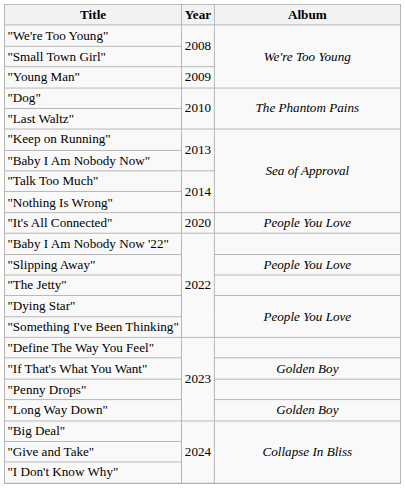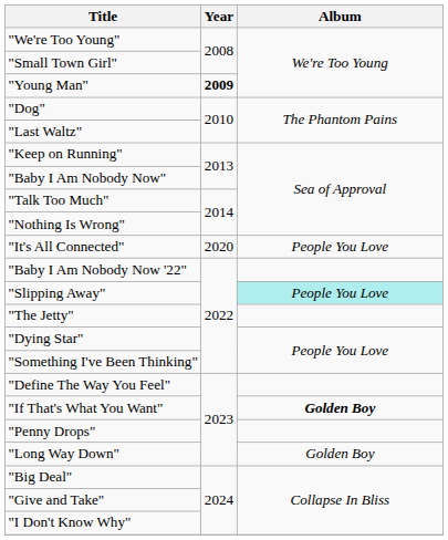 <table class="wikitable" style="text-align:center;">
 <tr>
 <th scope="col">Title</th>
 <th scope="col">Year</th>
 <th scope="col" width="220">Album</th>
 </tr>
 <tr>
 <td align="left">"We're Too Young"</td>
 <td rowspan="2">2008</td>
 <td rowspan="3"><em>We're Too Young</em></td>
 </tr>
 <tr>
 <td align="left">"Small Town Girl"</td>
 </tr>
 <tr>
 <td align="left">"Young Man"</td>
-<td>2009</td>
+<td><strong>2009</strong></td>
 </tr>
 <tr>
 <td align="left">"Dog" </td>
 <td rowspan="2">2010</td>
 <td rowspan="2"><em>The Phantom Pains</em></td>
 </tr>
 <tr>
 <td align="left">"Last Waltz" </td>
 </tr>
 <tr>
 <td align="left">"Keep on Running"</td>
 <td rowspan="2">2013</td>
 <td rowspan="4"><em>Sea of Approval</em></td>
 </tr>
 <tr>
 <td align="left">"Baby I Am Nobody Now"</td>
 </tr>
 <tr>
 <td align="left">"Talk Too Much"</td>
 <td rowspan="2">2014</td>
 </tr>
 <tr>
 <td align="left">"Nothing Is Wrong"</td>
 </tr>
 <tr>
 <td align="left">"It's All Connected"</td>
 <td>2020</td>
 <td><em>People You Love</em></td>
 </tr>
 <tr>
 <td align="left">"Baby I Am Nobody Now '22"</td>
 <td rowspan="5">2022</td>
 <td></td>
 </tr>
 <tr>
 <td align="left">"Slipping Away"</td>
-<td><em>People You Love</em></td>
+<td style="background: paleturquoise;"><em>People You Love</em></td>
 </tr>
 <tr>
 <td align="left">"The Jetty"</td>
 <td></td>
 </tr>
 <tr>
 <td align="left">"Dying Star"</td>
 <td rowspan="2"><em>People You Love</em></td>
 </tr>
 <tr>
 <td align="left">"Something I've Been Thinking"</td>
 </tr>
 <tr>
 <td align="left">"Define The Way You Feel"</td>
 <td rowspan="4">2023</td>
 <td></td>
 </tr>
 <tr>
 <td align="left">"If That's What You Want"</td>
-<td><em>Golden Boy</em></td>
+<td><strong><em>Golden Boy</em></strong></td>
 </tr>
 <tr>
 <td align="left">"Penny Drops"</td>
 <td></td>
 </tr>
 <tr>
 <td align="left">"Long Way Down"</td>
 <td><em>Golden Boy</em></td>
 </tr>
 <tr>
 <td align="left">"Big Deal"</td>
 <td rowspan="3">2024</td>
 <td rowspan="3"><em>Collapse In Bliss</em></td>
 </tr>
 <tr>
 <td align="left">"Give and Take"</td>
 </tr>
 <tr>
 <td align="left">"I Don't Know Why"</td>
 </tr>
 <tr>
 </tr>
 </table>
